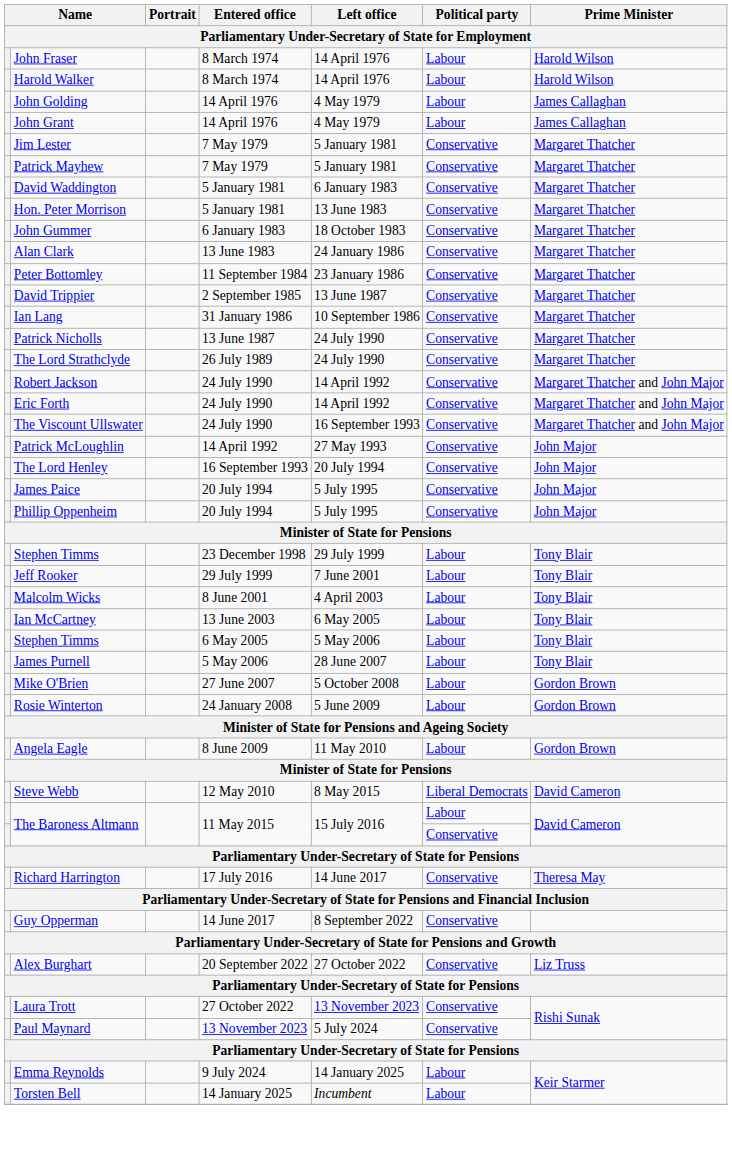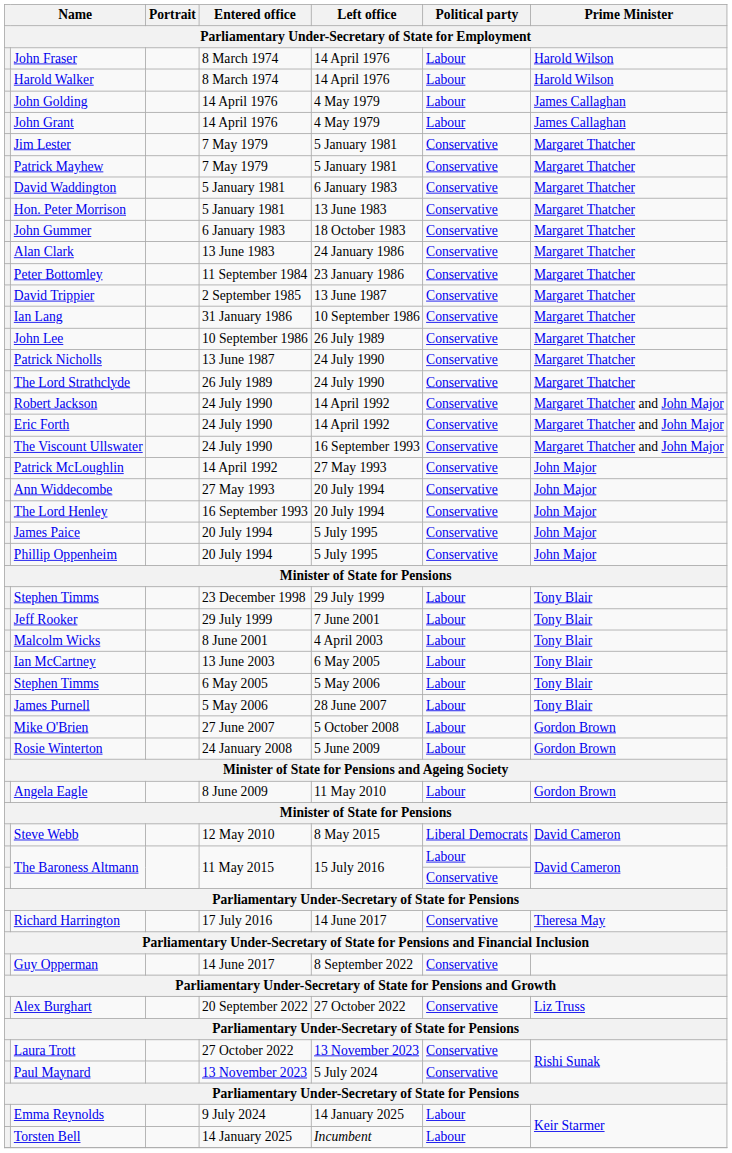 <table class="wikitable">
 <tr>
 <th colspan=2>Name</th>
 <th>Portrait</th>
 <th>Entered office</th>
 <th>Left office</th>
 <th>Political party</th>
 <th>Prime Minister</th>
 </tr>
 <tr>
 <th colspan="7"><strong>Parliamentary Under-Secretary of State for Employment</strong></th>
 </tr>
 <tr>
 <th style="background-color: "></th>
 <td><a href='#'>John Fraser</a></td>
 <td></td>
 <td>8 March 1974</td>
 <td>14 April 1976</td>
 <td><a href='#'>Labour</a></td>
 <td><a href='#'>Harold Wilson</a></td>
 </tr>
 <tr>
 <th style="background-color: "></th>
 <td><a href='#'>Harold Walker</a></td>
 <td></td>
 <td>8 March 1974</td>
 <td>14 April 1976</td>
 <td><a href='#'>Labour</a></td>
 <td><a href='#'>Harold Wilson</a></td>
 </tr>
 <tr>
 <th style="background-color: "></th>
 <td><a href='#'>John Golding</a></td>
 <td></td>
 <td>14 April 1976</td>
 <td>4 May 1979</td>
 <td><a href='#'>Labour</a></td>
 <td><a href='#'>James Callaghan</a></td>
 </tr>
 <tr>
 <th style="background-color: "></th>
 <td><a href='#'>John Grant</a></td>
 <td></td>
 <td>14 April 1976</td>
 <td>4 May 1979</td>
 <td><a href='#'>Labour</a></td>
 <td><a href='#'>James Callaghan</a></td>
 </tr>
 <tr>
 <th style="background-color: "></th>
 <td><a href='#'>Jim Lester</a></td>
 <td></td>
 <td>7 May 1979</td>
 <td>5 January 1981</td>
 <td><a href='#'>Conservative</a></td>
 <td><a href='#'>Margaret Thatcher</a></td>
 </tr>
 <tr>
 <th style="background-color: "></th>
 <td><a href='#'>Patrick Mayhew</a></td>
 <td></td>
 <td>7 May 1979</td>
 <td>5 January 1981</td>
 <td><a href='#'>Conservative</a></td>
 <td><a href='#'>Margaret Thatcher</a></td>
 </tr>
 <tr>
 <th style="background-color: "></th>
 <td><a href='#'>David Waddington</a></td>
 <td></td>
 <td>5 January 1981</td>
 <td>6 January 1983</td>
 <td><a href='#'>Conservative</a></td>
 <td><a href='#'>Margaret Thatcher</a></td>
 </tr>
 <tr>
 <th style="background-color: "></th>
 <td><a href='#'>Hon. Peter Morrison</a></td>
 <td></td>
 <td>5 January 1981</td>
 <td>13 June 1983</td>
 <td><a href='#'>Conservative</a></td>
 <td><a href='#'>Margaret Thatcher</a></td>
 </tr>
 <tr>
 <th style="background-color: "></th>
 <td><a href='#'>John Gummer</a></td>
 <td></td>
 <td>6 January 1983</td>
 <td>18 October 1983</td>
 <td><a href='#'>Conservative</a></td>
 <td><a href='#'>Margaret Thatcher</a></td>
 </tr>
 <tr>
 <th style="background-color: "></th>
 <td><a href='#'>Alan Clark</a></td>
 <td></td>
 <td>13 June 1983</td>
 <td>24 January 1986</td>
 <td><a href='#'>Conservative</a></td>
 <td><a href='#'>Margaret Thatcher</a></td>
 </tr>
 <tr>
 <th style="background-color: "></th>
 <td><a href='#'>Peter Bottomley</a></td>
 <td></td>
 <td>11 September 1984</td>
 <td>23 January 1986</td>
 <td><a href='#'>Conservative</a></td>
 <td><a href='#'>Margaret Thatcher</a></td>
 </tr>
 <tr>
 <th style="background-color: "></th>
 <td><a href='#'>David Trippier</a></td>
 <td></td>
 <td>2 September 1985</td>
 <td>13 June 1987</td>
 <td><a href='#'>Conservative</a></td>
 <td><a href='#'>Margaret Thatcher</a></td>
 </tr>
 <tr>
 <th style="background-color: "></th>
 <td><a href='#'>Ian Lang</a></td>
 <td></td>
 <td>31 January 1986</td>
 <td>10 September 1986</td>
 <td><a href='#'>Conservative</a></td>
 <td><a href='#'>Margaret Thatcher</a></td>
 </tr>
 <tr>
 <th style="background-color: "></th>
+<td><a href='#'>John Lee</a></td>
+<td></td>
+<td>10 September 1986</td>
+<td>26 July 1989</td>
+<td><a href='#'>Conservative</a></td>
+<td><a href='#'>Margaret Thatcher</a></td>
+</tr>
+<tr>
+<th style="background-color: "></th>
 <td><a href='#'>Patrick Nicholls</a></td>
 <td></td>
 <td>13 June 1987</td>
 <td>24 July 1990</td>
 <td><a href='#'>Conservative</a></td>
 <td><a href='#'>Margaret Thatcher</a></td>
 </tr>
 <tr>
 <th style="background-color: "></th>
 <td><a href='#'>The Lord Strathclyde</a></td>
 <td></td>
 <td>26 July 1989</td>
 <td>24 July 1990</td>
 <td><a href='#'>Conservative</a></td>
 <td><a href='#'>Margaret Thatcher</a></td>
 </tr>
 <tr>
 <th style="background-color: "></th>
 <td><a href='#'>Robert Jackson</a></td>
 <td></td>
 <td>24 July 1990</td>
 <td>14 April 1992</td>
 <td><a href='#'>Conservative</a></td>
 <td><a href='#'>Margaret Thatcher</a> and <a href='#'>John Major</a></td>
 </tr>
 <tr>
 <th style="background-color: "></th>
 <td><a href='#'>Eric Forth</a></td>
 <td></td>
 <td>24 July 1990</td>
 <td>14 April 1992</td>
 <td><a href='#'>Conservative</a></td>
 <td><a href='#'>Margaret Thatcher</a> and <a href='#'>John Major</a></td>
 </tr>
 <tr>
 <th style="background-color: "></th>
 <td><a href='#'>The Viscount Ullswater</a></td>
 <td></td>
 <td>24 July 1990</td>
 <td>16 September 1993</td>
 <td><a href='#'>Conservative</a></td>
 <td><a href='#'>Margaret Thatcher</a> and <a href='#'>John Major</a></td>
 </tr>
 <tr>
 <th style="background-color: "></th>
 <td><a href='#'>Patrick McLoughlin</a></td>
 <td></td>
 <td>14 April 1992</td>
 <td>27 May 1993</td>
+<td><a href='#'>Conservative</a></td>
+<td><a href='#'>John Major</a></td>
+</tr>
+<tr>
+<th style="background-color: "></th>
+<td><a href='#'>Ann Widdecombe</a></td>
+<td></td>
+<td>27 May 1993</td>
+<td>20 July 1994</td>
 <td><a href='#'>Conservative</a></td>
 <td><a href='#'>John Major</a></td>
 </tr>
 <tr>
 <th style="background-color: "></th>
 <td><a href='#'>The Lord Henley</a></td>
 <td></td>
 <td>16 September 1993</td>
 <td>20 July 1994</td>
 <td><a href='#'>Conservative</a></td>
 <td><a href='#'>John Major</a></td>
 </tr>
 <tr>
 <th style="background-color: "></th>
 <td><a href='#'>James Paice</a></td>
 <td></td>
 <td>20 July 1994</td>
 <td>5 July 1995</td>
 <td><a href='#'>Conservative</a></td>
 <td><a href='#'>John Major</a></td>
 </tr>
 <tr>
 <th style="background-color: "></th>
 <td><a href='#'>Phillip Oppenheim</a></td>
 <td></td>
 <td>20 July 1994</td>
 <td>5 July 1995</td>
 <td><a href='#'>Conservative</a></td>
 <td><a href='#'>John Major</a></td>
 </tr>
 <tr>
 <th colspan=7>Minister of State for Pensions</th>
 </tr>
 <tr>
 <th style="background-color: "></th>
 <td><a href='#'>Stephen Timms</a></td>
 <td></td>
 <td>23 December 1998</td>
 <td>29 July 1999</td>
 <td><a href='#'>Labour</a></td>
 <td><a href='#'>Tony Blair</a></td>
 </tr>
 <tr>
 <th style="background-color: "></th>
 <td><a href='#'>Jeff Rooker</a></td>
 <td></td>
 <td>29 July 1999</td>
 <td>7 June 2001</td>
 <td><a href='#'>Labour</a></td>
 <td><a href='#'>Tony Blair</a></td>
 </tr>
 <tr>
 <th style="background-color: "></th>
 <td><a href='#'>Malcolm Wicks</a></td>
 <td><br></td>
 <td>8 June 2001</td>
 <td>4 April 2003</td>
 <td><a href='#'>Labour</a></td>
 <td><a href='#'>Tony Blair</a></td>
 </tr>
 <tr>
 <th style="background-color: "></th>
 <td><a href='#'>Ian McCartney</a></td>
 <td></td>
 <td>13 June 2003</td>
 <td>6 May 2005</td>
 <td><a href='#'>Labour</a></td>
 <td><a href='#'>Tony Blair</a></td>
 </tr>
 <tr>
 <th style="background-color: "></th>
 <td><a href='#'>Stephen Timms</a></td>
 <td></td>
 <td>6 May 2005</td>
 <td>5 May 2006</td>
 <td><a href='#'>Labour</a></td>
 <td><a href='#'>Tony Blair</a></td>
 </tr>
 <tr>
 <th style="background-color: "></th>
 <td><a href='#'>James Purnell</a></td>
 <td></td>
 <td>5 May 2006</td>
 <td>28 June 2007</td>
 <td><a href='#'>Labour</a></td>
 <td><a href='#'>Tony Blair</a></td>
 </tr>
 <tr>
 <th style="background-color: "></th>
 <td><a href='#'>Mike O'Brien</a></td>
 <td></td>
 <td>27 June 2007</td>
 <td>5 October 2008</td>
 <td><a href='#'>Labour</a></td>
 <td><a href='#'>Gordon Brown</a></td>
 </tr>
 <tr>
 <th style="background-color: "></th>
 <td><a href='#'>Rosie Winterton</a></td>
 <td></td>
 <td>24 January 2008</td>
 <td>5 June 2009</td>
 <td><a href='#'>Labour</a></td>
 <td><a href='#'>Gordon Brown</a></td>
 </tr>
 <tr>
 <th colspan=7>Minister of State for Pensions and Ageing Society</th>
 </tr>
 <tr>
 <th style="background-color: "></th>
 <td><a href='#'>Angela Eagle</a></td>
 <td></td>
 <td>8 June 2009</td>
 <td>11 May 2010</td>
 <td><a href='#'>Labour</a></td>
 <td><a href='#'>Gordon Brown</a></td>
 </tr>
 <tr>
 <th colspan=7>Minister of State for Pensions</th>
 </tr>
 <tr>
 <th style="background-color: "></th>
 <td><a href='#'>Steve Webb</a></td>
 <td></td>
 <td>12 May 2010</td>
 <td>8 May 2015</td>
 <td><a href='#'>Liberal Democrats</a></td>
 <td><a href='#'>David Cameron</a></td>
 </tr>
 <tr>
 <th style="background-color: "></th>
 <td rowspan=2><a href='#'>The Baroness Altmann</a></td>
 <td rowspan=2></td>
 <td rowspan=2>11 May 2015</td>
 <td rowspan=2>15 July 2016</td>
 <td><a href='#'>Labour</a> </td>
 <td rowspan=2><a href='#'>David Cameron</a></td>
 </tr>
 <tr>
 <th style="background-color: "></th>
 <td><a href='#'>Conservative</a> </td>
 </tr>
 <tr>
 <th colspan=7>Parliamentary Under-Secretary of State for Pensions</th>
 </tr>
 <tr>
 <th style="background-color: "></th>
 <td><a href='#'>Richard Harrington</a></td>
 <td></td>
 <td>17 July 2016</td>
 <td>14 June 2017</td>
 <td><a href='#'>Conservative</a></td>
 <td><a href='#'>Theresa May</a></td>
 </tr>
 <tr>
 <th colspan=7>Parliamentary Under-Secretary of State for Pensions and Financial Inclusion</th>
 </tr>
 <tr>
 <th style="background-color: "></th>
 <td><a href='#'>Guy Opperman</a></td>
 <td></td>
 <td>14 June 2017</td>
 <td>8 September 2022</td>
 <td><a href='#'>Conservative</a></td>
 <td></td>
 </tr>
 <tr>
 <th colspan=7>Parliamentary Under-Secretary of State for Pensions and Growth</th>
 </tr>
 <tr>
 <th style="background-color: "></th>
 <td><a href='#'>Alex Burghart</a></td>
 <td></td>
 <td>20 September 2022</td>
 <td>27 October 2022</td>
 <td><a href='#'>Conservative</a></td>
 <td><a href='#'>Liz Truss</a></td>
 </tr>
 <tr>
 <th colspan=7>Parliamentary Under-Secretary of State for Pensions</th>
 </tr>
 <tr>
 <th style="background-color: "></th>
 <td><a href='#'>Laura Trott</a></td>
 <td></td>
 <td>27 October 2022</td>
 <td><a href='#'>13 November 2023</a></td>
 <td><a href='#'>Conservative</a></td>
 <td rowspan=2><a href='#'>Rishi Sunak</a></td>
 </tr>
 <tr>
 <th style="background-color: "></th>
 <td><a href='#'>Paul Maynard</a></td>
 <td></td>
 <td><a href='#'>13 November 2023</a></td>
 <td>5 July 2024</td>
 <td><a href='#'>Conservative</a></td>
 </tr>
 <tr>
 <th colspan=7>Parliamentary Under-Secretary of State for Pensions</th>
 </tr>
 <tr>
 <th style="background-color: "></th>
 <td><a href='#'>Emma Reynolds</a></td>
 <td></td>
 <td>9 July 2024</td>
 <td>14 January 2025</td>
 <td><a href='#'>Labour</a></td>
 <td rowspan=2><a href='#'>Keir Starmer</a></td>
 </tr>
 <tr>
 <th style="background-color: "></th>
 <td><a href='#'>Torsten Bell</a></td>
 <td></td>
 <td>14 January 2025</td>
 <td><em>Incumbent</em></td>
 <td><a href='#'>Labour</a></td>
 </tr>
 <tr>
 </tr>
 </table>
